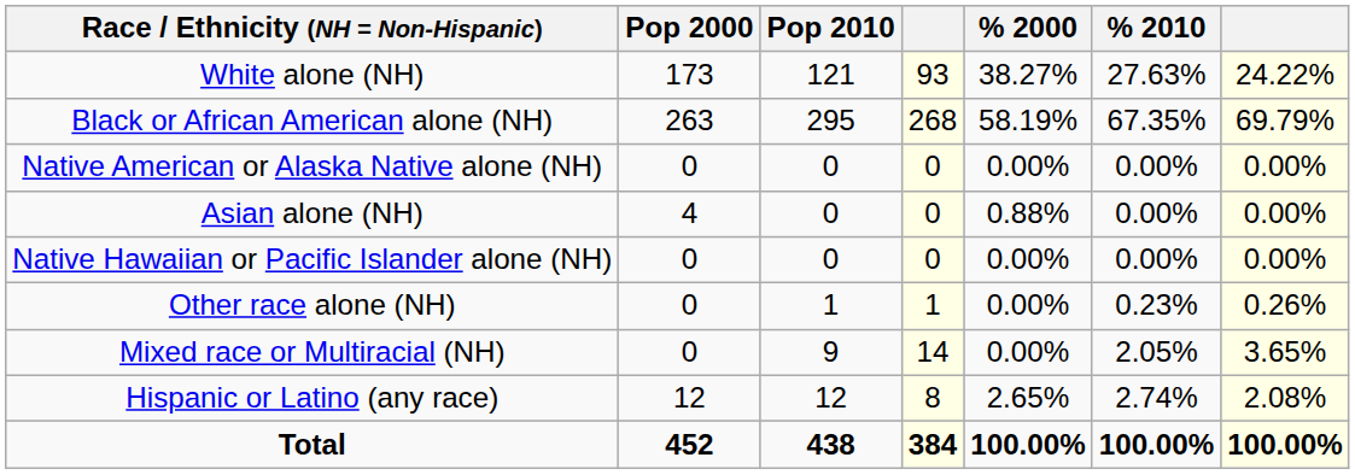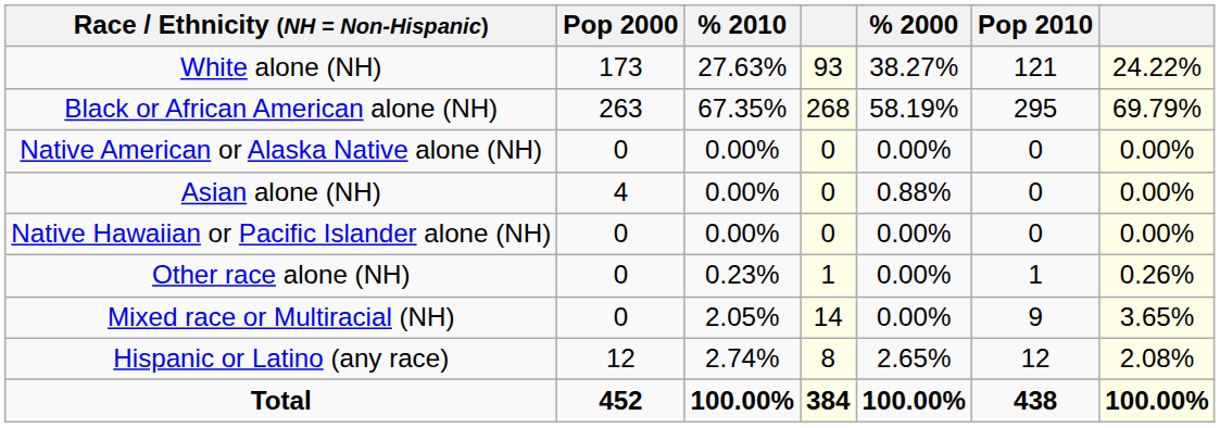 <table class="wikitable" style="text-align:center;">
 <tr>
 <th>Race / Ethnicity <small>(<em>NH = Non-Hispanic</em>)</small></th>
 <th>Pop 2000</th>
-<th>Pop 2010</th>
+<th>% 2010</th>
 <th></th>
 <th>% 2000</th>
-<th>% 2010</th>
+<th>Pop 2010</th>
 <th></th>
 </tr>
 <tr>
 <td><a href='#'>White</a> alone (NH)</td>
 <td>173</td>
-<td>121</td>
+<td>27.63%</td>
 <td style='background: #ffffe6;'>93</td>
 <td>38.27%</td>
-<td>27.63%</td>
+<td>121</td>
 <td style='background: #ffffe6;'>24.22%</td>
 </tr>
 <tr>
 <td><a href='#'>Black or African American</a> alone (NH)</td>
 <td>263</td>
-<td>295</td>
+<td>67.35%</td>
 <td style='background: #ffffe6;'>268</td>
 <td>58.19%</td>
-<td>67.35%</td>
+<td>295</td>
 <td style='background: #ffffe6;'>69.79%</td>
 </tr>
 <tr>
 <td><a href='#'>Native American</a> or <a href='#'>Alaska Native</a> alone (NH)</td>
 <td>0</td>
-<td>0</td>
+<td>0.00%</td>
 <td style='background: #ffffe6;'>0</td>
 <td>0.00%</td>
-<td>0.00%</td>
+<td>0</td>
 <td style='background: #ffffe6;'>0.00%</td>
 </tr>
 <tr>
 <td><a href='#'>Asian</a> alone (NH)</td>
 <td>4</td>
-<td>0</td>
+<td>0.00%</td>
 <td style='background: #ffffe6;'>0</td>
 <td>0.88%</td>
-<td>0.00%</td>
+<td>0</td>
 <td style='background: #ffffe6;'>0.00%</td>
 </tr>
 <tr>
 <td><a href='#'>Native Hawaiian</a> or <a href='#'>Pacific Islander</a> alone (NH)</td>
 <td>0</td>
-<td>0</td>
+<td>0.00%</td>
 <td style='background: #ffffe6;'>0</td>
 <td>0.00%</td>
-<td>0.00%</td>
+<td>0</td>
 <td style='background: #ffffe6;'>0.00%</td>
 </tr>
 <tr>
 <td><a href='#'>Other race</a> alone (NH)</td>
 <td>0</td>
-<td>1</td>
+<td>0.23%</td>
 <td style='background: #ffffe6;'>1</td>
 <td>0.00%</td>
-<td>0.23%</td>
+<td>1</td>
 <td style='background: #ffffe6;'>0.26%</td>
 </tr>
 <tr>
 <td><a href='#'>Mixed race or Multiracial</a> (NH)</td>
 <td>0</td>
-<td>9</td>
+<td>2.05%</td>
 <td style='background: #ffffe6;'>14</td>
 <td>0.00%</td>
-<td>2.05%</td>
+<td>9</td>
 <td style='background: #ffffe6;'>3.65%</td>
 </tr>
 <tr>
 <td><a href='#'>Hispanic or Latino</a> (any race)</td>
 <td>12</td>
-<td>12</td>
+<td>2.74%</td>
 <td style='background: #ffffe6;'>8</td>
 <td>2.65%</td>
-<td>2.74%</td>
+<td>12</td>
 <td style='background: #ffffe6;'>2.08%</td>
 </tr>
 <tr>
 <td><strong>Total</strong></td>
 <td><strong>452</strong></td>
-<td><strong>438</strong></td>
+<td><strong>100.00%</strong></td>
 <td style='background: #ffffe6;'><strong>384</strong></td>
 <td><strong>100.00%</strong></td>
-<td><strong>100.00%</strong></td>
+<td><strong>438</strong></td>
 <td style='background: #ffffe6;'><strong>100.00%</strong></td>
 </tr>
 </table>
